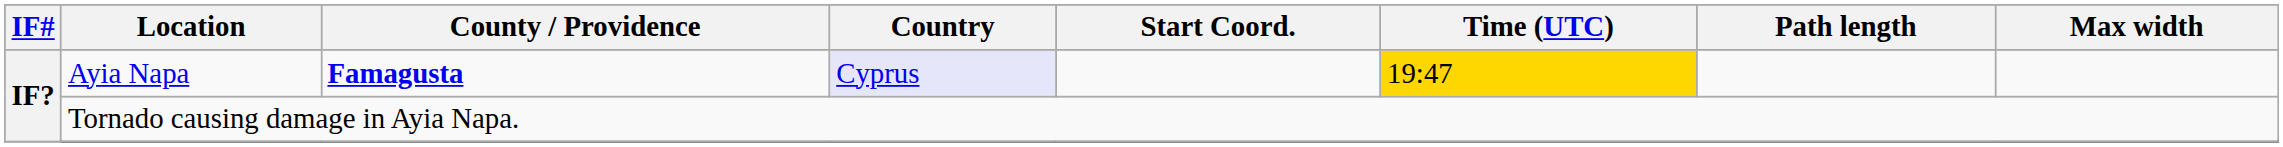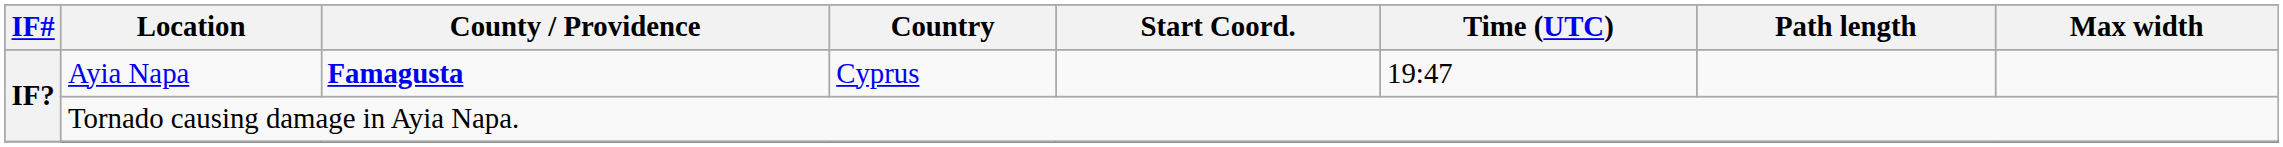 <table class="wikitable sortable" style="width:100%;">
 <tr>
 <th scope="col" width="2%" align="center"><a href='#'>IF#</a></th>
 <th scope="col" align="center" class="unsortable">Location</th>
 <th scope="col" align="center" class="unsortable">County / Providence</th>
 <th scope="col" align="center">Country</th>
 <th scope="col" align="center">Start Coord.</th>
 <th scope="col" align="center">Time (<a href='#'>UTC</a>)</th>
 <th scope="col" align="center">Path length</th>
 <th scope="col" align="center">Max width</th>
 </tr>
 <tr>
 <th scope="row" rowspan="2" style="background-color:#">IF?</th>
 <td><a href='#'>Ayia Napa</a></td>
 <td><strong><a href='#'>Famagusta</a></strong></td>
-<td style="background: lavender;"><a href='#'>Cyprus</a></td>
+<td><a href='#'>Cyprus</a></td>
 <td></td>
-<td style="background: gold;">19:47</td>
+<td>19:47</td>
 <td></td>
 <td></td>
 </tr>
 <tr class="expand-child">
 <td colspan="8" style=" border-bottom: 1px solid black;">Tornado causing damage in Ayia Napa.</td>
 </tr>
 <tr>
 </tr>
 </table>
